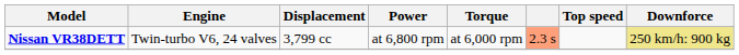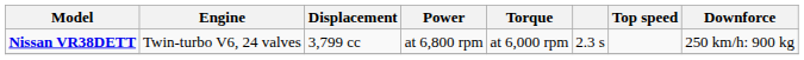 <table class="wikitable">
 <tr>
 <th>Model</th>
 <th>Engine</th>
 <th>Displacement</th>
 <th>Power</th>
 <th>Torque</th>
 <th></th>
 <th>Top speed</th>
 <th>Downforce</th>
 </tr>
 <tr>
 <td><strong><a href='#'>Nissan VR38DETT</a></strong></td>
 <td>Twin-turbo V6, 24 valves</td>
 <td>3,799 cc</td>
 <td> at 6,800 rpm</td>
 <td> at 6,000 rpm</td>
-<td style="background: lightsalmon;">2.3 s</td>
+<td>2.3 s</td>
 <td></td>
-<td style="background: khaki;">250 km/h: 900 kg</td>
+<td>250 km/h: 900 kg</td>
 </tr>
 <tr>
 </tr>
 </table>
